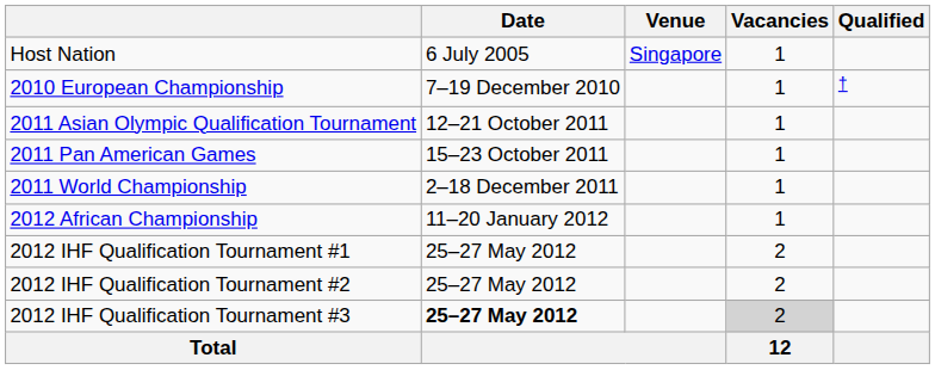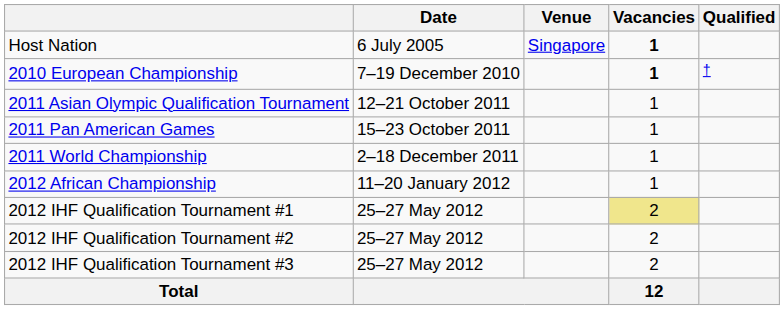 <table class="wikitable">
 <tr>
 <th></th>
 <th>Date</th>
 <th>Venue</th>
 <th>Vacancies</th>
 <th>Qualified</th>
 </tr>
 <tr>
 <td>Host Nation</td>
 <td>6 July 2005</td>
 <td> <a href='#'>Singapore</a></td>
-<td align="center">1</td>
+<td align="center"><strong>1</strong></td>
 <td></td>
 </tr>
 <tr>
 <td><a href='#'>2010 European Championship</a></td>
 <td>7–19 December 2010</td>
 <td><br></td>
-<td align="center">1</td>
+<td align="center"><strong>1</strong></td>
 <td><sup><a href='#'>†</a></sup></td>
 </tr>
 <tr>
 <td><a href='#'>2011 Asian Olympic Qualification Tournament</a></td>
 <td>12–21 October 2011</td>
 <td></td>
 <td align="center">1</td>
 <td></td>
 </tr>
 <tr>
 <td><a href='#'>2011 Pan American Games</a></td>
 <td>15–23 October 2011</td>
 <td></td>
 <td align="center">1</td>
 <td></td>
 </tr>
 <tr>
 <td><a href='#'>2011 World Championship</a></td>
 <td>2–18 December 2011</td>
 <td></td>
 <td align="center">1</td>
 <td></td>
 </tr>
 <tr>
 <td><a href='#'>2012 African Championship</a></td>
 <td>11–20 January 2012</td>
 <td></td>
 <td align="center">1</td>
 <td></td>
 </tr>
 <tr>
 <td>2012 IHF Qualification Tournament #1</td>
 <td>25–27 May 2012</td>
 <td></td>
-<td align="center">2</td>
+<td align="center" style="background: khaki;">2</td>
 <td><br></td>
 </tr>
 <tr>
 <td>2012 IHF Qualification Tournament #2</td>
 <td>25–27 May 2012</td>
 <td></td>
 <td align="center">2</td>
 <td><br></td>
 </tr>
 <tr>
 <td>2012 IHF Qualification Tournament #3</td>
-<td><strong>25–27 May 2012</strong></td>
+<td>25–27 May 2012</td>
 <td></td>
-<td align="center" style="background: lightgrey;">2</td>
+<td align="center">2</td>
 <td><br></td>
 </tr>
 <tr>
 <th>Total</th>
 <th colspan="2"></th>
 <th>12</th>
 <th></th>
 </tr>
 </table>
